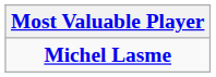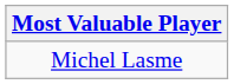 <table class=wikitable style="text-align:center; margin:auto">
 <tr>
 <th><a href='#'>Most Valuable Player</a></th>
 </tr>
 <tr>
-<td><strong> <a href='#'>Michel Lasme</a></strong></td>
+<td> <a href='#'>Michel Lasme</a></td>
 </tr>
 </table>
